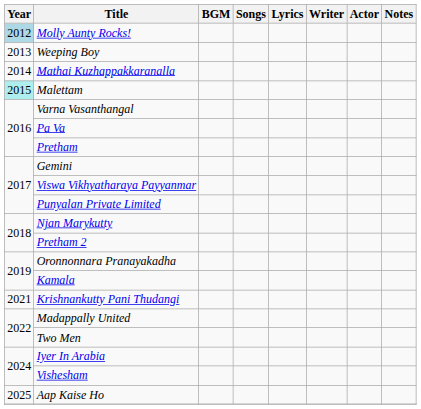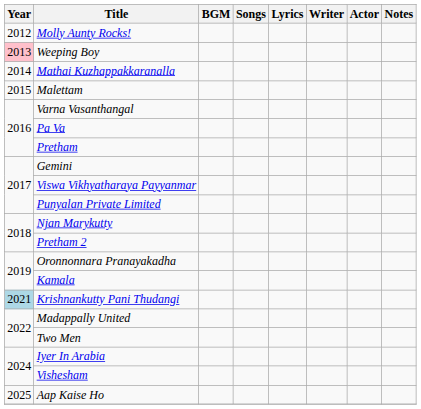 <table class="wikitable sortable">
 <tr>
 <th>Year</th>
 <th>Title</th>
 <th>BGM</th>
 <th>Songs</th>
 <th>Lyrics</th>
 <th>Writer</th>
 <th>Actor</th>
 <th class="unsortable">Notes</th>
 </tr>
 <tr>
-<td style="background: lightblue;">2012</td>
+<td>2012</td>
 <td><em><a href='#'>Molly Aunty Rocks!</a></em></td>
 <td></td>
 <td></td>
 <td></td>
 <td></td>
 <td></td>
 <td></td>
 </tr>
 <tr>
-<td>2013</td>
+<td style="background: pink;">2013</td>
 <td><em>Weeping Boy</em></td>
 <td></td>
 <td></td>
 <td></td>
 <td></td>
 <td></td>
 <td></td>
 </tr>
 <tr>
 <td>2014</td>
 <td><em><a href='#'>Mathai Kuzhappakkaranalla</a></em></td>
 <td></td>
 <td></td>
 <td></td>
 <td></td>
 <td></td>
 <td></td>
 </tr>
 <tr>
-<td style="background: paleturquoise;">2015</td>
+<td>2015</td>
 <td><em>Malettam</em></td>
 <td></td>
 <td></td>
 <td></td>
 <td></td>
 <td></td>
 <td></td>
 </tr>
 <tr>
 <td rowspan=3>2016</td>
 <td><em>Varna Vasanthangal</em></td>
 <td></td>
 <td></td>
 <td></td>
 <td></td>
 <td></td>
 <td></td>
 </tr>
 <tr>
 <td><em><a href='#'>Pa Va</a></em></td>
 <td></td>
 <td></td>
 <td></td>
 <td></td>
 <td></td>
 <td></td>
 </tr>
 <tr>
 <td><em><a href='#'>Pretham</a></em></td>
 <td></td>
 <td></td>
 <td></td>
 <td></td>
 <td></td>
 <td></td>
 </tr>
 <tr>
 <td rowspan=3>2017</td>
 <td><em>Gemini</em></td>
 <td></td>
 <td></td>
 <td></td>
 <td></td>
 <td></td>
 <td></td>
 </tr>
 <tr>
 <td><em><a href='#'>Viswa Vikhyatharaya Payyanmar</a></em></td>
 <td></td>
 <td></td>
 <td></td>
 <td></td>
 <td></td>
 <td></td>
 </tr>
 <tr>
 <td><em><a href='#'>Punyalan Private Limited</a></em></td>
 <td></td>
 <td></td>
 <td></td>
 <td></td>
 <td></td>
 <td></td>
 </tr>
 <tr>
 <td rowspan=2>2018</td>
 <td><em><a href='#'>Njan Marykutty</a></em></td>
 <td></td>
 <td></td>
 <td></td>
 <td></td>
 <td></td>
 <td></td>
 </tr>
 <tr>
 <td><em><a href='#'>Pretham 2</a></em></td>
 <td></td>
 <td></td>
 <td></td>
 <td></td>
 <td></td>
 <td></td>
 </tr>
 <tr>
 <td rowspan=2>2019</td>
 <td><em>Oronnonnara Pranayakadha</em></td>
 <td></td>
 <td></td>
 <td></td>
 <td></td>
 <td></td>
 <td></td>
 </tr>
 <tr>
 <td><em><a href='#'>Kamala</a></em></td>
 <td></td>
 <td></td>
 <td></td>
 <td></td>
 <td></td>
 <td></td>
 </tr>
 <tr>
-<td>2021</td>
+<td style="background: lightblue;">2021</td>
 <td><em><a href='#'>Krishnankutty Pani Thudangi</a></em></td>
 <td></td>
 <td></td>
 <td></td>
 <td></td>
 <td></td>
 <td></td>
 </tr>
 <tr>
 <td rowspan=2>2022</td>
 <td><em>Madappally United</em></td>
 <td></td>
 <td></td>
 <td></td>
 <td></td>
 <td></td>
 <td></td>
 </tr>
 <tr>
 <td><em>Two Men</em></td>
 <td></td>
 <td></td>
 <td></td>
 <td></td>
 <td></td>
 <td></td>
 </tr>
 <tr>
 <td rowspan=2>2024</td>
 <td><em><a href='#'>Iyer In Arabia</a></em></td>
 <td></td>
 <td></td>
 <td></td>
 <td></td>
 <td></td>
 <td></td>
 </tr>
 <tr>
 <td><em><a href='#'>Vishesham</a></em></td>
 <td></td>
 <td></td>
 <td></td>
 <td></td>
 <td></td>
 <td></td>
 </tr>
 <tr>
 <td>2025</td>
 <td><em>Aap Kaise Ho</em></td>
 <td></td>
 <td></td>
 <td></td>
 <td></td>
 <td></td>
 <td></td>
 </tr>
 <tr>
 </tr>
 </table>
